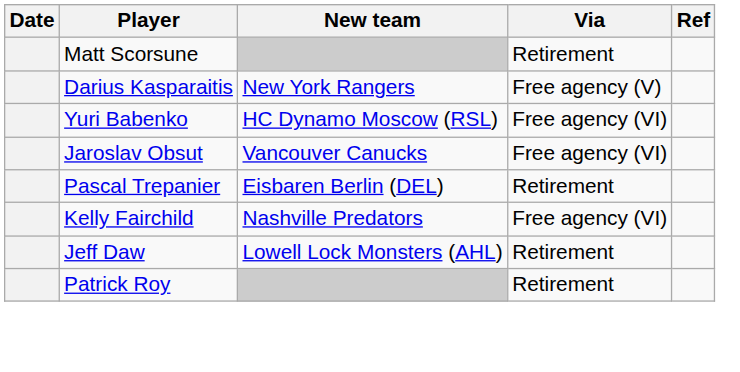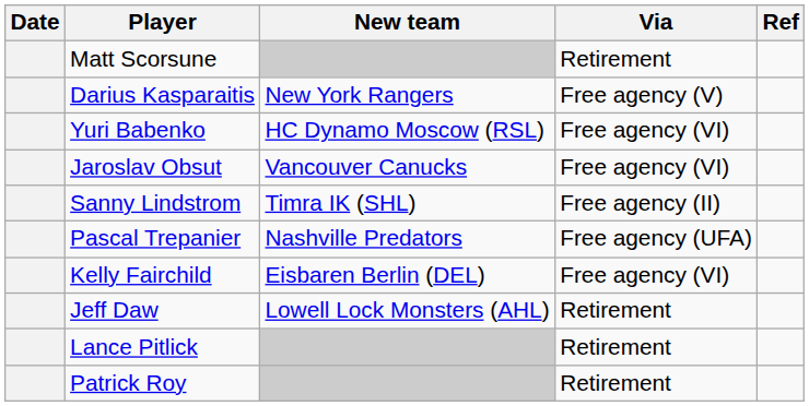 <table class="wikitable plainrowheaders">
 <tr style="background:#ddd; text-align:center;">
 <th>Date</th>
 <th>Player</th>
 <th>New team</th>
 <th>Via</th>
 <th>Ref</th>
 </tr>
 <tr>
 <th scope="row"></th>
 <td>Matt Scorsune</td>
 <td style="background:#ccc"></td>
 <td>Retirement</td>
 <td></td>
 </tr>
 <tr>
 <th scope="row"></th>
 <td><a href='#'>Darius Kasparaitis</a></td>
 <td><a href='#'>New York Rangers</a></td>
 <td>Free agency (V)</td>
 <td></td>
 </tr>
 <tr>
 <th scope="row"></th>
 <td><a href='#'>Yuri Babenko</a></td>
 <td><a href='#'>HC Dynamo Moscow</a> (<a href='#'>RSL</a>)</td>
 <td>Free agency (VI)</td>
 <td></td>
 </tr>
 <tr>
 <th scope="row"></th>
 <td><a href='#'>Jaroslav Obsut</a></td>
 <td><a href='#'>Vancouver Canucks</a></td>
 <td>Free agency (VI)</td>
 <td></td>
 </tr>
 <tr>
 <th scope="row"></th>
+<td><a href='#'>Sanny Lindstrom</a></td>
+<td><a href='#'>Timra IK</a> (<a href='#'>SHL</a>)</td>
+<td>Free agency (II)</td>
+<td></td>
+</tr>
+<tr>
+<th scope="row"></th>
 <td><a href='#'>Pascal Trepanier</a></td>
-<td><a href='#'>Eisbaren Berlin</a> (<a href='#'>DEL</a>)</td>
-<td>Retirement</td>
+<td><a href='#'>Nashville Predators</a></td>
+<td>Free agency (UFA)</td>
 <td></td>
 </tr>
 <tr>
 <th scope="row"></th>
 <td><a href='#'>Kelly Fairchild</a></td>
-<td><a href='#'>Nashville Predators</a></td>
+<td><a href='#'>Eisbaren Berlin</a> (<a href='#'>DEL</a>)</td>
 <td>Free agency (VI)</td>
 <td></td>
 </tr>
 <tr>
 <th scope="row"></th>
 <td><a href='#'>Jeff Daw</a></td>
 <td><a href='#'>Lowell Lock Monsters</a> (<a href='#'>AHL</a>)</td>
 <td>Retirement</td>
 <td></td>
 </tr>
 <tr>
 <th scope="row"></th>
+<td><a href='#'>Lance Pitlick</a></td>
+<td style="background:#ccc"></td>
+<td>Retirement</td>
+<td></td>
+</tr>
+<tr>
+<th scope="row"></th>
 <td><a href='#'>Patrick Roy</a></td>
 <td style="background:#ccc"></td>
 <td>Retirement</td>
 <td></td>
 </tr>
 </table>
